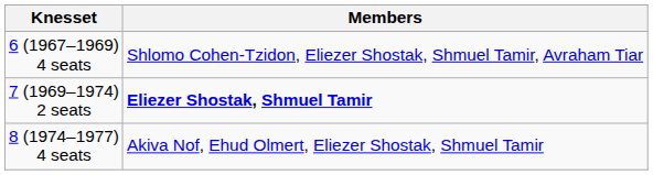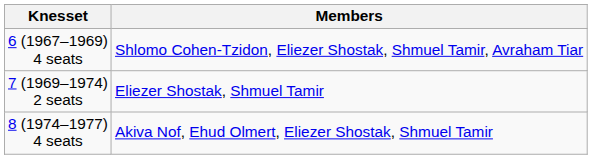 <table class=wikitable>
 <tr>
 <th>Knesset</th>
 <th>Members</th>
 </tr>
 <tr>
 <td align=center><a href='#'>6</a> (1967–1969)<br>4 seats</td>
 <td><a href='#'>Shlomo Cohen-Tzidon</a>, <a href='#'>Eliezer Shostak</a>, <a href='#'>Shmuel Tamir</a>, <a href='#'>Avraham Tiar</a></td>
 </tr>
 <tr>
 <td align=center><a href='#'>7</a> (1969–1974)<br>2 seats</td>
-<td><strong><a href='#'>Eliezer Shostak</a>, <a href='#'>Shmuel Tamir</a></strong></td>
+<td><a href='#'>Eliezer Shostak</a>, <a href='#'>Shmuel Tamir</a></td>
 </tr>
 <tr>
 <td align=center><a href='#'>8</a> (1974–1977)<br>4 seats</td>
 <td><a href='#'>Akiva Nof</a>, <a href='#'>Ehud Olmert</a>, <a href='#'>Eliezer Shostak</a>, <a href='#'>Shmuel Tamir</a></td>
 </tr>
 </table>
